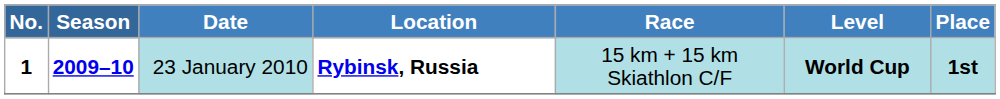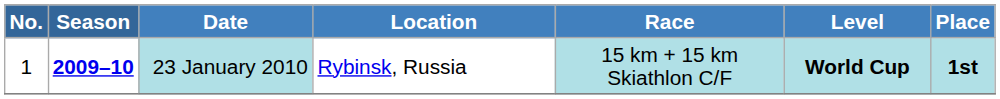 <table class="wikitable sortable" style="font-size:95%; text-align:center; border:grey solid 1px; border-collapse:collapse; background:#ffffff;">
 <tr style="background:#efefef;">
 <th style="background-color:#369; color:white;"><strong>No.</strong></th>
 <th style="background-color:#369; color:white;"><strong>Season</strong></th>
 <th style="background-color:#4180be; color:white; width:120px;"><strong>Date</strong></th>
 <th style="background-color:#4180be; color:white; width:170px;"><strong>Location</strong></th>
 <th style="background-color:#4180be; color:white; width:160px;"><strong>Race</strong></th>
 <th style="background-color:#4180be; color:white; width:100px;"><strong>Level</strong></th>
 <th style="background-color:#4180be; color:white;"><strong>Place</strong></th>
 </tr>
 <tr>
-<td align=center><strong>1</strong></td>
+<td align=center>1</td>
 <td rowspan=1 align=center><strong><a href='#'>2009–10</a></strong></td>
 <td bgcolor="#BOEOE6" align=right>23 January 2010</td>
-<td align=left><strong> <a href='#'>Rybinsk</a>, Russia</strong></td>
+<td align=left> <a href='#'>Rybinsk</a>, Russia</td>
 <td bgcolor="#BOEOE6">15 km + 15 km Skiathlon C/F</td>
 <td bgcolor="#BOEOE6"><strong>World Cup</strong></td>
 <td bgcolor="#BOEOE6"><strong>1st</strong></td>
 </tr>
 <tr>
 </tr>
 </table>
